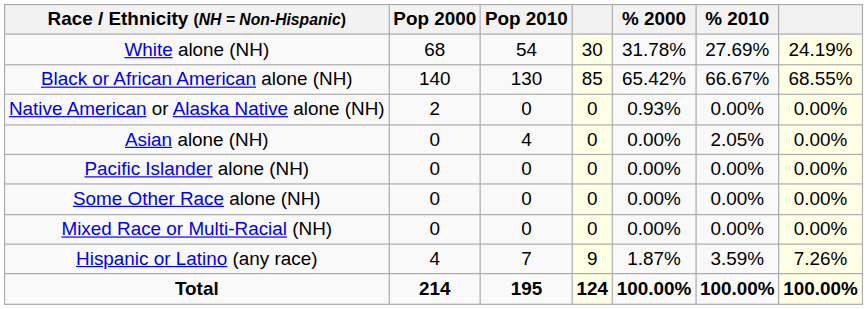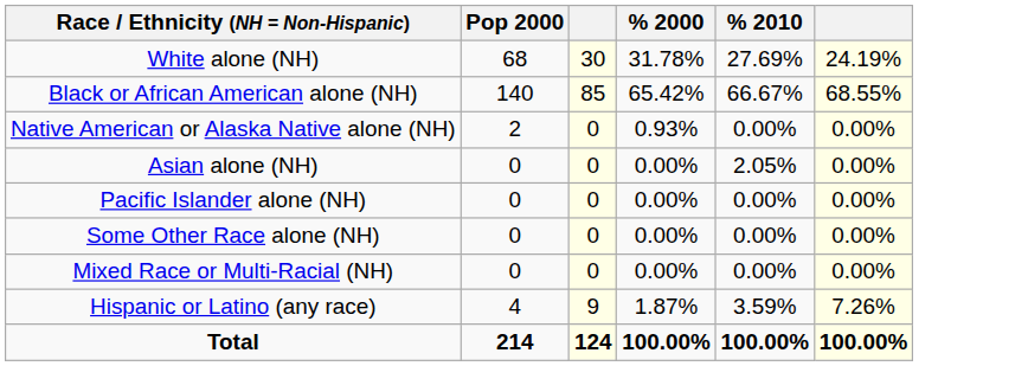 <table class="wikitable" style="text-align:center;">
 <tr>
 <th>Race / Ethnicity <small>(<em>NH = Non-Hispanic</em>)</small></th>
 <th>Pop 2000</th>
-<th>Pop 2010</th>
 <th></th>
 <th>% 2000</th>
 <th>% 2010</th>
 <th></th>
 </tr>
 <tr>
 <td><a href='#'>White</a> alone (NH)</td>
 <td>68</td>
-<td>54</td>
 <td style='background: #ffffe6;'>30</td>
 <td>31.78%</td>
 <td>27.69%</td>
 <td style='background: #ffffe6;'>24.19%</td>
 </tr>
 <tr>
 <td><a href='#'>Black or African American</a> alone (NH)</td>
 <td>140</td>
-<td>130</td>
 <td style='background: #ffffe6;'>85</td>
 <td>65.42%</td>
 <td>66.67%</td>
 <td style='background: #ffffe6;'>68.55%</td>
 </tr>
 <tr>
 <td><a href='#'>Native American</a> or <a href='#'>Alaska Native</a> alone (NH)</td>
 <td>2</td>
-<td>0</td>
 <td style='background: #ffffe6;'>0</td>
 <td>0.93%</td>
 <td>0.00%</td>
 <td style='background: #ffffe6;'>0.00%</td>
 </tr>
 <tr>
 <td><a href='#'>Asian</a> alone (NH)</td>
 <td>0</td>
-<td>4</td>
 <td style='background: #ffffe6;'>0</td>
 <td>0.00%</td>
 <td>2.05%</td>
 <td style='background: #ffffe6;'>0.00%</td>
 </tr>
 <tr>
 <td><a href='#'>Pacific Islander</a> alone (NH)</td>
-<td>0</td>
 <td>0</td>
 <td style='background: #ffffe6;'>0</td>
 <td>0.00%</td>
 <td>0.00%</td>
 <td style='background: #ffffe6;'>0.00%</td>
 </tr>
 <tr>
 <td><a href='#'>Some Other Race</a> alone (NH)</td>
 <td>0</td>
-<td>0</td>
 <td style='background: #ffffe6;'>0</td>
 <td>0.00%</td>
 <td>0.00%</td>
 <td style='background: #ffffe6;'>0.00%</td>
 </tr>
 <tr>
 <td><a href='#'>Mixed Race or Multi-Racial</a> (NH)</td>
-<td>0</td>
 <td>0</td>
 <td style='background: #ffffe6;'>0</td>
 <td>0.00%</td>
 <td>0.00%</td>
 <td style='background: #ffffe6;'>0.00%</td>
 </tr>
 <tr>
 <td><a href='#'>Hispanic or Latino</a> (any race)</td>
 <td>4</td>
-<td>7</td>
 <td style='background: #ffffe6;'>9</td>
 <td>1.87%</td>
 <td>3.59%</td>
 <td style='background: #ffffe6;'>7.26%</td>
 </tr>
 <tr>
 <td><strong>Total</strong></td>
 <td><strong>214</strong></td>
-<td><strong>195</strong></td>
 <td style='background: #ffffe6;'><strong>124</strong></td>
 <td><strong>100.00%</strong></td>
 <td><strong>100.00%</strong></td>
 <td style='background: #ffffe6;'><strong>100.00%</strong></td>
 </tr>
 </table>
